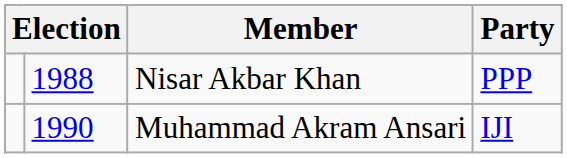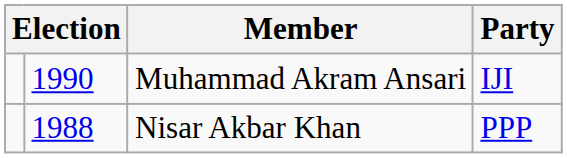 <table class="wikitable">
 <tr>
 <th colspan="2">Election</th>
 <th>Member</th>
 <th>Party</th>
 </tr>
 <tr>
 <td style="background-color: "></td>
+<td><a href='#'>1990</a></td>
+<td>Muhammad Akram Ansari</td>
+<td><a href='#'>IJI</a></td>
+</tr>
+<tr>
+<td style="background-color: "></td>
 <td><a href='#'>1988</a></td>
 <td>Nisar Akbar Khan</td>
 <td><a href='#'>PPP</a></td>
 </tr>
-<tr>
-<td style="background-color: "></td>
-<td><a href='#'>1990</a></td>
-<td>Muhammad Akram Ansari</td>
-<td><a href='#'>IJI</a></td>
-</tr>
 </table>
